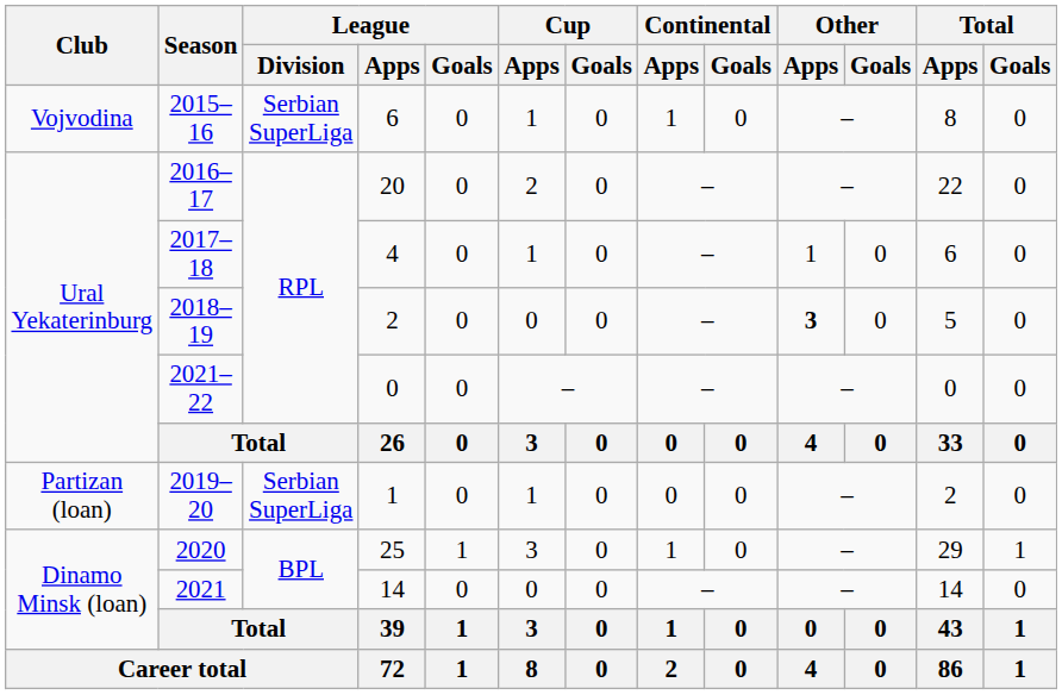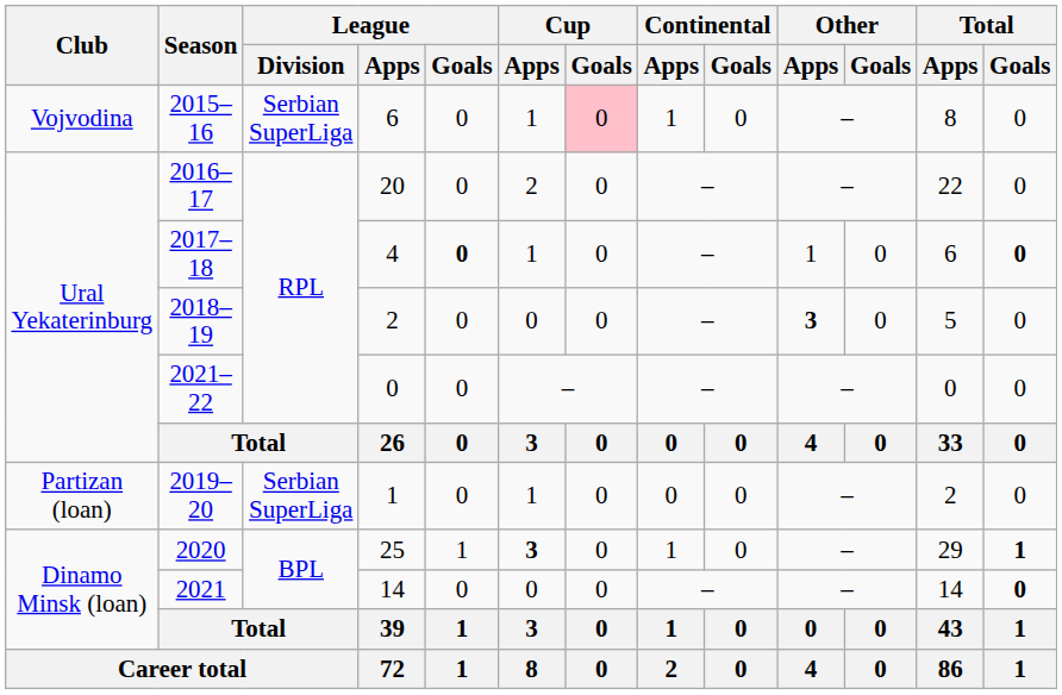 <table class="wikitable" style="text-align: center;">
 <tr>
 <th rowspan=2>Club</th>
 <th rowspan=2>Season</th>
 <th colspan=3>League</th>
 <th colspan=2>Cup</th>
 <th colspan=2>Continental</th>
 <th colspan=2>Other</th>
 <th colspan=2>Total</th>
 </tr>
 <tr>
 <th>Division</th>
 <th>Apps</th>
 <th>Goals</th>
 <th>Apps</th>
 <th>Goals</th>
 <th>Apps</th>
 <th>Goals</th>
 <th>Apps</th>
 <th>Goals</th>
 <th>Apps</th>
 <th>Goals</th>
 </tr>
 <tr>
 <td><a href='#'>Vojvodina</a></td>
 <td><a href='#'>2015–16</a></td>
 <td><a href='#'>Serbian SuperLiga</a></td>
 <td>6</td>
 <td>0</td>
 <td>1</td>
-<td>0</td>
+<td style="background: pink;">0</td>
 <td>1</td>
 <td>0</td>
 <td colspan=2>–</td>
 <td>8</td>
 <td>0</td>
 </tr>
 <tr>
 <td rowspan="5"><a href='#'>Ural Yekaterinburg</a></td>
 <td><a href='#'>2016–17</a></td>
 <td rowspan="4"><a href='#'>RPL</a></td>
 <td>20</td>
 <td>0</td>
 <td>2</td>
 <td>0</td>
 <td colspan=2>–</td>
 <td colspan=2>–</td>
 <td>22</td>
 <td>0</td>
 </tr>
 <tr>
 <td><a href='#'>2017–18</a></td>
 <td>4</td>
-<td>0</td>
+<td><strong>0</strong></td>
 <td>1</td>
 <td>0</td>
 <td colspan=2>–</td>
 <td>1</td>
 <td>0</td>
 <td>6</td>
-<td>0</td>
+<td><strong>0</strong></td>
 </tr>
 <tr>
 <td><a href='#'>2018–19</a></td>
 <td>2</td>
 <td>0</td>
 <td>0</td>
 <td>0</td>
 <td colspan=2>–</td>
 <td><strong>3</strong></td>
 <td>0</td>
 <td>5</td>
 <td>0</td>
 </tr>
 <tr>
 <td><a href='#'>2021–22</a></td>
 <td>0</td>
 <td>0</td>
 <td colspan=2>–</td>
 <td colspan=2>–</td>
 <td colspan=2>–</td>
 <td>0</td>
 <td>0</td>
 </tr>
 <tr>
 <th colspan=2>Total</th>
 <th>26</th>
 <th>0</th>
 <th>3</th>
 <th>0</th>
 <th>0</th>
 <th>0</th>
 <th>4</th>
 <th>0</th>
 <th>33</th>
 <th>0</th>
 </tr>
 <tr>
 <td><a href='#'>Partizan</a> (loan)</td>
 <td><a href='#'>2019–20</a></td>
 <td><a href='#'>Serbian SuperLiga</a></td>
 <td>1</td>
 <td>0</td>
 <td>1</td>
 <td>0</td>
 <td>0</td>
 <td>0</td>
 <td colspan=2>–</td>
 <td>2</td>
 <td>0</td>
 </tr>
 <tr>
 <td rowspan="3"><a href='#'>Dinamo Minsk</a> (loan)</td>
 <td><a href='#'>2020</a></td>
 <td rowspan="2"><a href='#'>BPL</a></td>
 <td>25</td>
 <td>1</td>
-<td>3</td>
+<td><strong>3</strong></td>
 <td>0</td>
 <td>1</td>
 <td>0</td>
 <td colspan=2>–</td>
 <td>29</td>
-<td>1</td>
+<td><strong>1</strong></td>
 </tr>
 <tr>
 <td><a href='#'>2021</a></td>
 <td>14</td>
 <td>0</td>
 <td>0</td>
 <td>0</td>
 <td colspan=2>–</td>
 <td colspan=2>–</td>
 <td>14</td>
-<td>0</td>
+<td><strong>0</strong></td>
 </tr>
 <tr>
 <th colspan=2>Total</th>
 <th>39</th>
 <th>1</th>
 <th>3</th>
 <th>0</th>
 <th>1</th>
 <th>0</th>
 <th>0</th>
 <th>0</th>
 <th>43</th>
 <th>1</th>
 </tr>
 <tr>
 <th colspan=3>Career total</th>
 <th>72</th>
 <th>1</th>
 <th>8</th>
 <th>0</th>
 <th>2</th>
 <th>0</th>
 <th>4</th>
 <th>0</th>
 <th>86</th>
 <th>1</th>
 </tr>
 </table>
